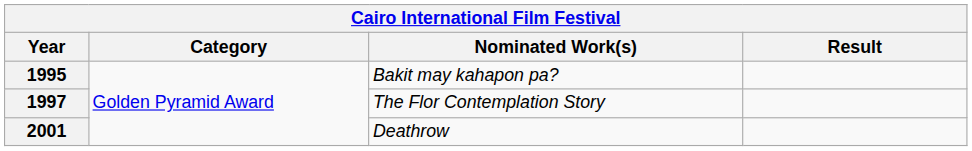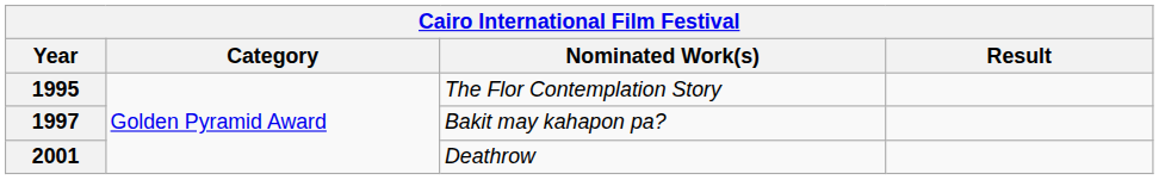 <table class= "wikitable  plainrowheaders sortable">
 <tr>
 <th colspan=4><a href='#'>Cairo International Film Festival</a></th>
 </tr>
 <tr>
 <th Width=4%>Year</th>
 <th Width=15%>Category</th>
 <th Width=20%>Nominated Work(s)</th>
 <th Width=12%>Result</th>
 </tr>
 <tr>
 <th scope="row">1995</th>
 <td rowspan="3"><a href='#'>Golden Pyramid Award</a></td>
-<td><em>Bakit may kahapon pa?</em></td>
+<td><em>The Flor Contemplation Story</em></td>
 <td></td>
 </tr>
 <tr>
 <th scope="row">1997</th>
-<td><em>The Flor Contemplation Story</em></td>
+<td><em>Bakit may kahapon pa?</em></td>
 <td></td>
 </tr>
 <tr>
 <th scope="row">2001</th>
 <td><em>Deathrow</em></td>
 <td></td>
 </tr>
 </table>
